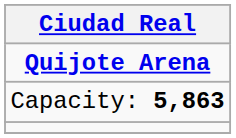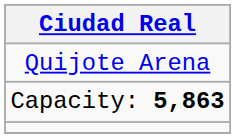 <table class="wikitable" style="text-align:center;margin:1em auto;">
 <tr>
 <th><a href='#'>Ciudad Real</a></th>
 </tr>
 <tr>
-<td><strong><a href='#'>Quijote Arena</a></strong></td>
+<td><a href='#'>Quijote Arena</a></td>
 </tr>
 <tr>
 <td>Capacity: <strong>5,863</strong></td>
 </tr>
 <tr>
 <td></td>
 </tr>
 <tr>
 </tr>
 </table>
